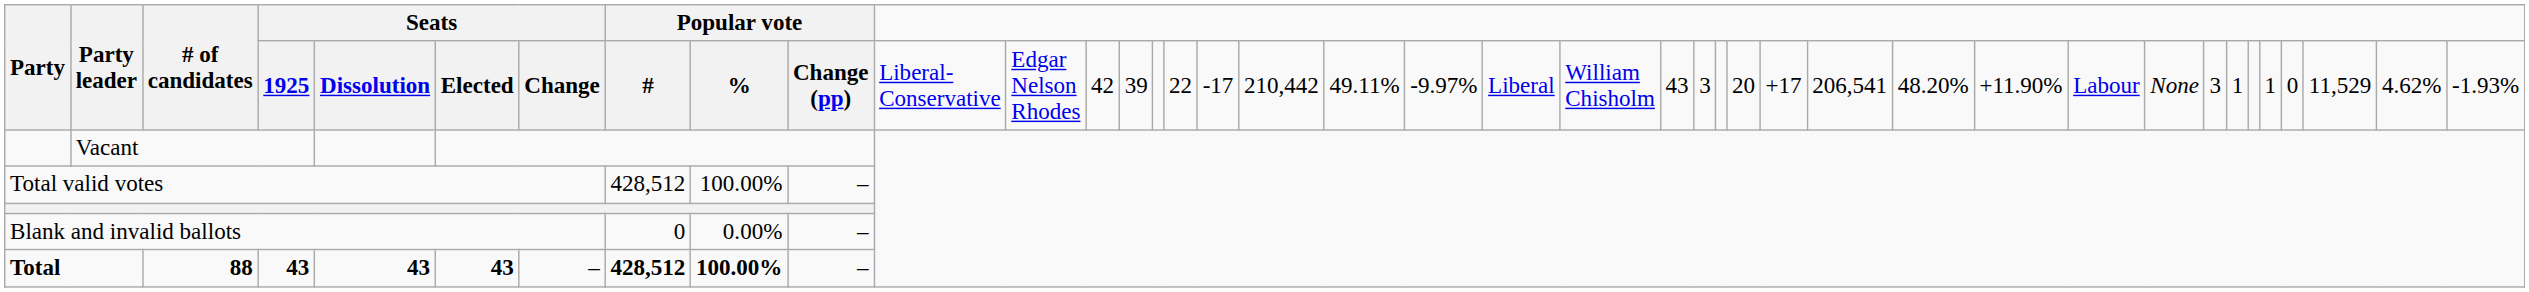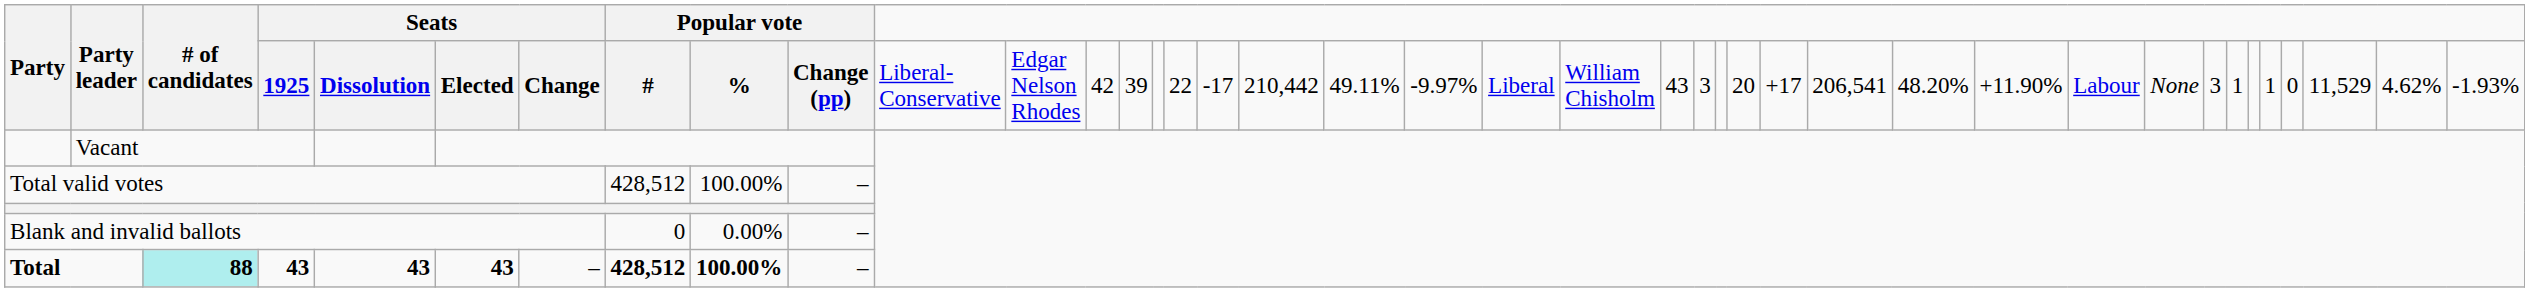 <table class="wikitable">
 <tr>
 <th rowspan="2" colspan="2">Party</th>
 <th rowspan="2">Party leader</th>
 <th rowspan="2"># of<br>candidates</th>
 <th colspan="4">Seats</th>
 <th colspan="3">Popular vote</th>
 </tr>
 <tr>
 <th><a href='#'>1925</a></th>
 <th><span><a href='#'>Dissolution</a></span></th>
 <th>Elected</th>
 <th>Change</th>
 <th>#</th>
 <th>%</th>
 <th>Change (<a href='#'>pp</a>)<br></th>
 <td><a href='#'>Liberal-Conservative</a></td>
 <td><a href='#'>Edgar Nelson Rhodes</a></td>
 <td align="right">42</td>
 <td align="right">39</td>
 <td align="right"></td>
 <td align="right">22</td>
 <td align="right">-17</td>
 <td align="right">210,442</td>
 <td align="right">49.11%</td>
 <td align="right">-9.97%<br></td>
 <td><a href='#'>Liberal</a></td>
 <td><a href='#'>William Chisholm</a></td>
 <td align="right">43</td>
 <td align="right">3</td>
 <td align="right"></td>
 <td align="right">20</td>
 <td align="right">+17</td>
 <td align="right">206,541</td>
 <td align="right">48.20%</td>
 <td align="right">+11.90%<br></td>
 <td><a href='#'>Labour</a></td>
 <td><em>None</em></td>
 <td align="right">3</td>
 <td align="right">1</td>
 <td align="right"></td>
 <td align="right">1</td>
 <td align="right">0</td>
 <td align="right">11,529</td>
 <td align="right">4.62%</td>
 <td align="right">-1.93%</td>
 </tr>
 <tr>
 <td> </td>
 <td colspan=4>Vacant</td>
 <td align="right"></td>
 <td colspan=5> </td>
 </tr>
 <tr>
 <td colspan="8">Total valid votes</td>
 <td align="right">428,512</td>
 <td align="right">100.00%</td>
 <td align="right">–</td>
 </tr>
 <tr>
 <th colspan="11"></th>
 </tr>
 <tr>
 <td colspan="8">Blank and invalid ballots</td>
 <td align="right">0</td>
 <td align="right">0.00%</td>
 <td align="right">–</td>
 </tr>
 <tr>
 <td colspan=3><strong>Total</strong></td>
-<td align="right"><strong>88</strong></td>
+<td align="right" style="background: paleturquoise;"><strong>88</strong></td>
 <td align="right"><strong>43</strong></td>
 <td align="right"><strong>43</strong></td>
 <td align="right"><strong>43</strong></td>
 <td align="right">–</td>
 <td align="right"><strong>428,512</strong></td>
 <td align="right"><strong>100.00%</strong></td>
 <td align="right">–</td>
 </tr>
 </table>
